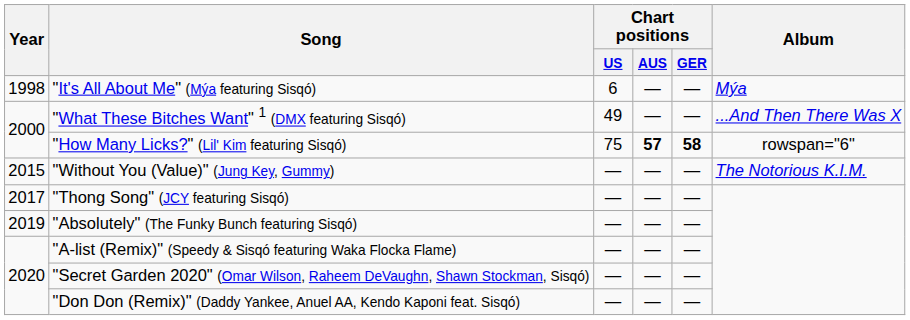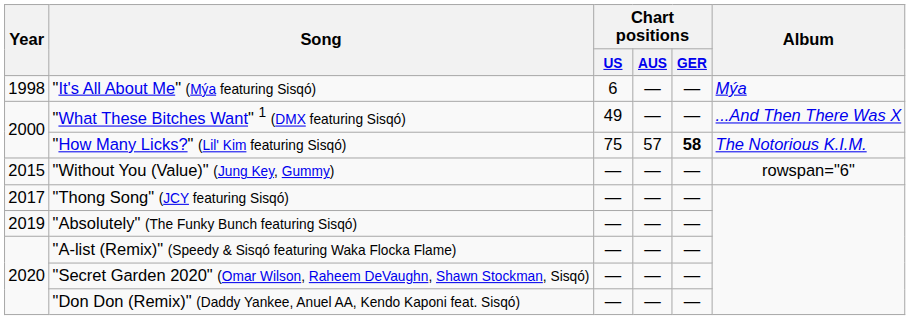 <table class="wikitable" style="text-align:center;">
 <tr>
 <th rowspan="2">Year</th>
 <th rowspan="2">Song</th>
 <th colspan="3">Chart positions</th>
 <th rowspan="2">Album</th>
 </tr>
 <tr>
 <th width="31"><small><a href='#'>US</a></small></th>
 <th width="31"><small><a href='#'>AUS</a></small></th>
 <th width="31"><small><a href='#'>GER</a></small></th>
 </tr>
 <tr>
 <td>1998</td>
 <td align="left">"<a href='#'>It's All About Me</a>" <small>(<a href='#'>Mýa</a> featuring Sisqó)</small></td>
 <td>6</td>
 <td>—</td>
 <td>—</td>
 <td style="text-align:left;"><em><a href='#'>Mýa</a></em></td>
 </tr>
 <tr>
 <td rowspan="2">2000</td>
 <td align="left">"<a href='#'>What These Bitches Want</a>" <sup>1</sup> <small>(<a href='#'>DMX</a> featuring Sisqó)</small></td>
 <td>49</td>
 <td>—</td>
 <td>—</td>
 <td style="text-align:left;"><em><a href='#'>...And Then There Was X</a></em></td>
 </tr>
 <tr>
 <td align="left">"<a href='#'>How Many Licks?</a>" <small>(<a href='#'>Lil' Kim</a> featuring Sisqó)</small></td>
 <td>75</td>
-<td><strong>57</strong></td>
+<td>57</td>
 <td><strong>58</strong></td>
-<td>rowspan="6" </td>
+<td style="text-align:left;"><em><a href='#'>The Notorious K.I.M.</a></em></td>
 </tr>
 <tr>
 <td>2015</td>
 <td align="left">"Without You (Value)" <small>(<a href='#'>Jung Key</a>, <a href='#'>Gummy</a>)</small></td>
 <td>—</td>
 <td>—</td>
 <td>—</td>
-<td style="text-align:left;"><em><a href='#'>The Notorious K.I.M.</a></em></td>
+<td>rowspan="6" </td>
 </tr>
 <tr>
 <td>2017</td>
 <td align="left">"Thong Song" <small>(<a href='#'>JCY</a> featuring Sisqó)</small></td>
 <td>—</td>
 <td>—</td>
 <td>—</td>
 </tr>
 <tr>
 <td>2019</td>
 <td align="left">"Absolutely" <small>(The Funky Bunch featuring Sisqó)</small></td>
 <td>—</td>
 <td>—</td>
 <td>—</td>
 </tr>
 <tr>
 <td rowspan="3">2020</td>
 <td align="left">"A-list (Remix)" <small>(Speedy & Sisqó featuring Waka Flocka Flame)</small></td>
 <td>—</td>
 <td>—</td>
 <td>—</td>
 </tr>
 <tr>
 <td align="left">"Secret Garden 2020" <small>(<a href='#'>Omar Wilson</a>, <a href='#'>Raheem DeVaughn</a>, <a href='#'>Shawn Stockman</a>, Sisqó)</small></td>
 <td>—</td>
 <td>—</td>
 <td>—</td>
 </tr>
 <tr>
 <td align="left">"Don Don (Remix)" <small>(Daddy Yankee, Anuel AA, Kendo Kaponi feat. Sisqó)</small></td>
 <td>—</td>
 <td>—</td>
 <td>—</td>
 </tr>
 </table>
